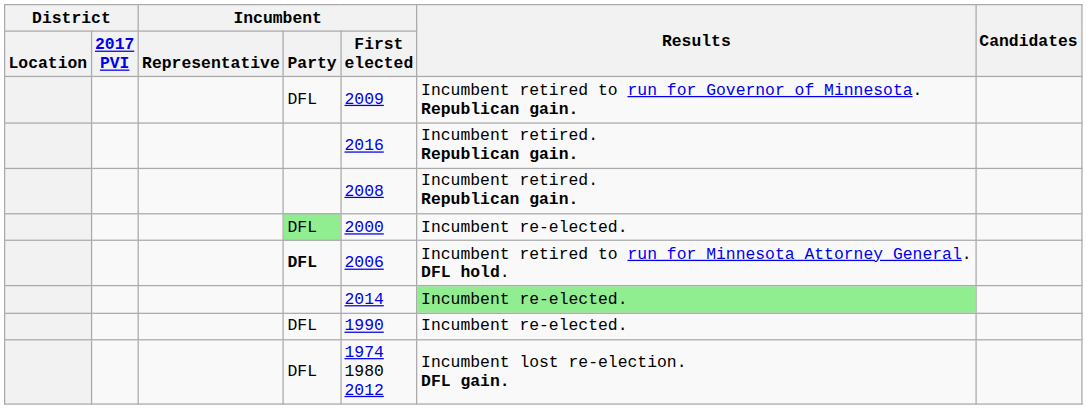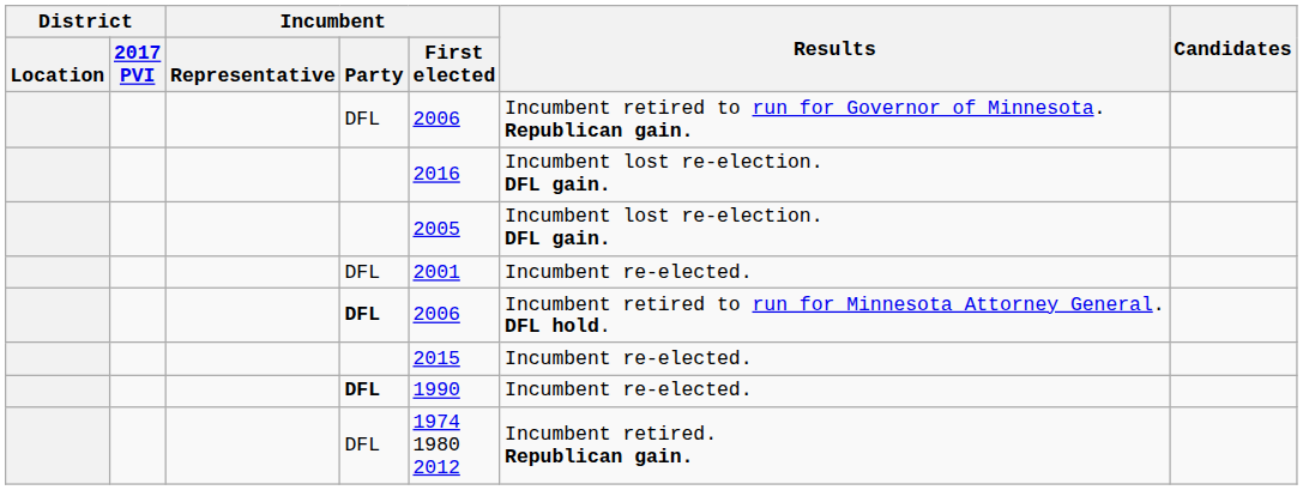 <table class="wikitable sortable">
 <tr>
 <th colspan=2>District</th>
 <th colspan=3>Incumbent</th>
 <th rowspan=2>Results</th>
 <th rowspan=2>Candidates</th>
 </tr>
 <tr valign=bottom>
 <th>Location</th>
 <th><a href='#'>2017<br>PVI</a></th>
 <th>Representative</th>
 <th>Party</th>
 <th>First<br>elected</th>
 </tr>
 <tr>
 <th></th>
 <td></td>
 <td></td>
 <td>DFL</td>
-<td><a href='#'>2009</a></td>
+<td><a href='#'>2006</a></td>
 <td>Incumbent retired to <a href='#'>run for Governor of Minnesota</a>.<br><strong>Republican gain.</strong></td>
 <td nowrap></td>
 </tr>
 <tr>
 <th></th>
 <td></td>
 <td></td>
 <td></td>
 <td><a href='#'>2016</a></td>
-<td>Incumbent retired.<br><strong>Republican gain.</strong></td>
+<td>Incumbent lost re-election.<br><strong>DFL gain.</strong></td>
 <td nowrap></td>
 </tr>
 <tr>
 <th></th>
 <td></td>
 <td></td>
 <td></td>
-<td><a href='#'>2008</a></td>
-<td>Incumbent retired.<br><strong>Republican gain.</strong></td>
+<td><a href='#'>2005</a></td>
+<td>Incumbent lost re-election.<br><strong>DFL gain.</strong></td>
 <td nowrap></td>
 </tr>
 <tr>
 <th></th>
 <td></td>
 <td></td>
-<td style="background: lightgreen;">DFL</td>
-<td><a href='#'>2000</a></td>
+<td>DFL</td>
+<td><a href='#'>2001</a></td>
 <td>Incumbent re-elected.</td>
 <td nowrap></td>
 </tr>
 <tr>
 <th></th>
 <td></td>
 <td></td>
 <td><strong>DFL</strong></td>
 <td><a href='#'>2006</a></td>
 <td>Incumbent retired to <a href='#'>run for Minnesota Attorney General</a>.<br><strong>DFL hold</strong>.</td>
 <td nowrap></td>
 </tr>
 <tr>
 <th></th>
 <td></td>
 <td></td>
 <td></td>
-<td><a href='#'>2014</a></td>
-<td style="background: lightgreen;">Incumbent re-elected.</td>
+<td><a href='#'>2015</a></td>
+<td>Incumbent re-elected.</td>
 <td nowrap></td>
 </tr>
 <tr>
 <th></th>
 <td></td>
 <td></td>
-<td>DFL</td>
+<td><strong>DFL</strong></td>
 <td><a href='#'>1990</a></td>
 <td>Incumbent re-elected.</td>
 <td nowrap></td>
 </tr>
 <tr>
 <th></th>
 <td></td>
 <td></td>
 <td>DFL</td>
 <td><a href='#'>1974</a><br>1980 <br><a href='#'>2012</a></td>
-<td>Incumbent lost re-election.<br><strong>DFL gain.</strong></td>
+<td>Incumbent retired.<br><strong>Republican gain.</strong></td>
 <td nowrap></td>
 </tr>
 </table>
